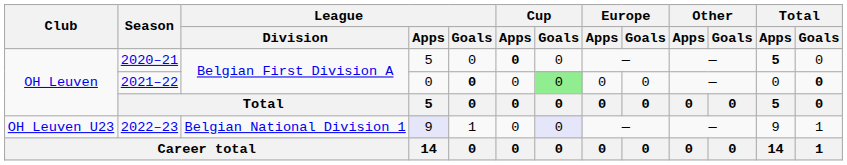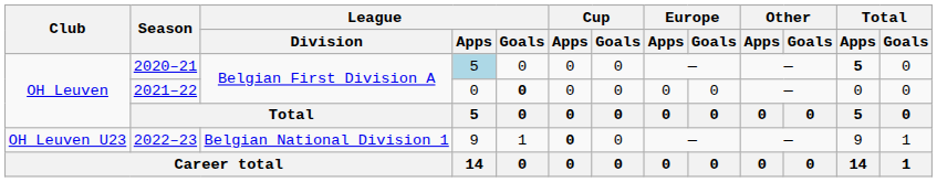 <table class="wikitable" style="text-align:center">
 <tr>
 <th rowspan=2>Club</th>
 <th rowspan=2>Season</th>
 <th colspan=3>League</th>
 <th colspan=2>Cup</th>
 <th colspan=2>Europe</th>
 <th colspan=2>Other</th>
 <th colspan=2>Total</th>
 </tr>
 <tr>
 <th>Division</th>
 <th>Apps</th>
 <th>Goals</th>
 <th>Apps</th>
 <th>Goals</th>
 <th>Apps</th>
 <th>Goals</th>
 <th>Apps</th>
 <th>Goals</th>
 <th>Apps</th>
 <th>Goals</th>
 </tr>
 <tr>
 <td rowspan="3"><a href='#'>OH Leuven</a></td>
 <td><a href='#'>2020–21</a></td>
 <td rowspan="2"><a href='#'>Belgian First Division A</a></td>
-<td>5</td>
+<td style="background: lightblue;">5</td>
 <td>0</td>
-<td><strong>0</strong></td>
+<td>0</td>
 <td>0</td>
 <td colspan="2">—</td>
 <td colspan="2">—</td>
 <td><strong>5</strong></td>
 <td>0</td>
 </tr>
 <tr>
 <td><a href='#'>2021–22</a></td>
 <td>0</td>
 <td><strong>0</strong></td>
 <td>0</td>
-<td style="background: lightgreen;">0</td>
+<td>0</td>
 <td>0</td>
 <td>0</td>
 <td colspan="2">—</td>
 <td>0</td>
-<td><strong>0</strong></td>
+<td>0</td>
 </tr>
 <tr>
 <th colspan="2">Total</th>
 <th>5</th>
 <th>0</th>
 <th>0</th>
 <th>0</th>
 <th>0</th>
 <th>0</th>
 <th>0</th>
 <th>0</th>
 <th>5</th>
 <th>0</th>
 </tr>
 <tr>
 <td rowspan="1"><a href='#'>OH Leuven U23</a></td>
 <td><a href='#'>2022–23</a></td>
 <td rowspan="1"><a href='#'>Belgian National Division 1</a></td>
-<td style="background: lavender;">9</td>
+<td>9</td>
 <td>1</td>
+<td><strong>0</strong></td>
 <td>0</td>
-<td style="background: lavender;">0</td>
 <td colspan="2">—</td>
 <td colspan="2">—</td>
 <td>9</td>
 <td>1</td>
 </tr>
 <tr>
 <th colspan="3">Career total</th>
 <th>14</th>
 <th>0</th>
 <th>0</th>
 <th>0</th>
 <th>0</th>
 <th>0</th>
 <th>0</th>
 <th>0</th>
 <th>14</th>
 <th>1</th>
 </tr>
 </table>
